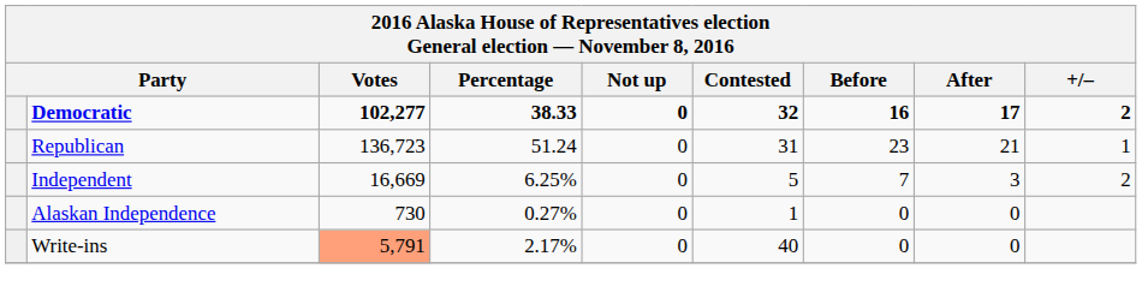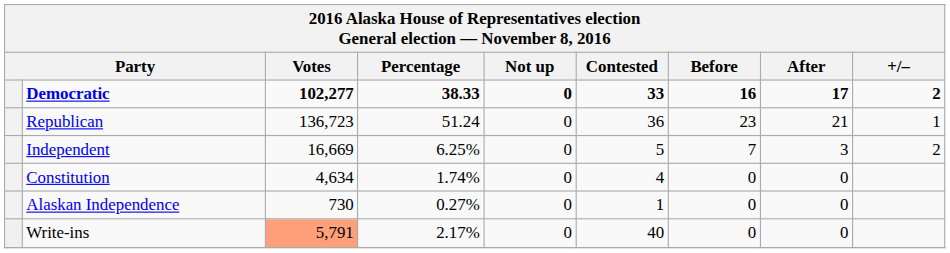 <table class="wikitable" style="font-size:95%;">
 <tr>
 <th colspan="9">2016 Alaska House of Representatives election<br>General election — November 8, 2016</th>
 </tr>
 <tr>
 <th colspan=2 style="width: 15em">Party</th>
 <th style="width: 5em">Votes</th>
 <th style="width: 7em">Percentage</th>
 <th style="width: 5em">Not up</th>
 <th style="width: 5em">Contested</th>
 <th style="width: 5em">Before</th>
 <th style="width: 5em">After</th>
 <th style="width: 5em">+/–</th>
 </tr>
 <tr>
 <th style="background-color:"></th>
 <td style="width: 130px"><strong><a href='#'>Democratic</a></strong></td>
 <td align="right"><strong>102,277</strong></td>
 <td align="right"><strong>38.33</strong></td>
 <td align="right"><strong>0</strong></td>
-<td align="right"><strong>32</strong></td>
+<td align="right"><strong>33</strong></td>
 <td align="right"><strong>16</strong></td>
 <td align="right"><strong>17</strong></td>
 <td align="right"><strong> 2</strong></td>
 </tr>
 <tr>
 <th style="background-color:"></th>
 <td style="width: 130px"><a href='#'>Republican</a></td>
 <td align="right">136,723</td>
 <td align="right">51.24</td>
 <td align="right">0</td>
-<td align="right">31</td>
+<td align="right">36</td>
 <td align="right">23</td>
 <td align="right">21</td>
 <td align="right"> 1</td>
 </tr>
 <tr>
 <th style="background-color:"></th>
 <td style="width: 130px"><a href='#'>Independent</a></td>
 <td align="right">16,669</td>
 <td align="right">6.25%</td>
 <td align="right">0</td>
 <td align="right">5</td>
 <td align="right">7</td>
 <td align="right">3</td>
 <td align="right"> 2</td>
+</tr>
+<tr>
+<th style="background-color:"></th>
+<td style="width: 130px"><a href='#'>Constitution</a></td>
+<td align="right">4,634</td>
+<td align="right">1.74%</td>
+<td align="right">0</td>
+<td align="right">4</td>
+<td align="right">0</td>
+<td align="right">0</td>
+<td align="right"></td>
 </tr>
 <tr>
 <th style="background-color:"></th>
 <td style="width: 130px"><a href='#'>Alaskan Independence</a></td>
 <td align="right">730</td>
 <td align="right">0.27%</td>
 <td align="right">0</td>
 <td align="right">1</td>
 <td align="right">0</td>
 <td align="right">0</td>
 <td align="right"></td>
 </tr>
 <tr>
 <th style="background-color:#f0f0f0; width: 3px"></th>
 <td style="width: 130px">Write-ins</td>
 <td align="right" style="background: lightsalmon;">5,791</td>
 <td align="right">2.17%</td>
 <td align="right">0</td>
 <td align="right">40</td>
 <td align="right">0</td>
 <td align="right">0</td>
 <td align="right"></td>
 </tr>
 <tr>
 </tr>
 </table>
